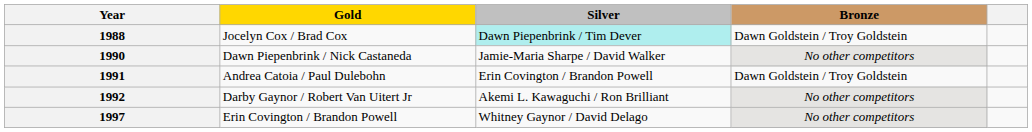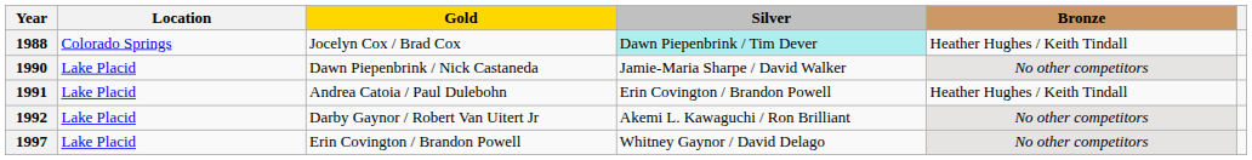 <table class="wikitable unsortable" style="text-align:left; width:100%;">
 <tr>
 <th scope="col" style="text-align:center;">Year</th>
+<th scope="col" style="text-align:center; width:20%">Location</th>
 <td scope="col" style="text-align:center; width:25%; background:gold"><strong>Gold</strong></td>
 <td scope="col" style="text-align:center; width:25%; background:silver"><strong>Silver</strong></td>
 <td scope="col" style="text-align:center; width:25%; background:#c96"><strong>Bronze</strong></td>
 <th scope="col" style="text-align:center"></th>
 </tr>
 <tr>
 <th scope="row">1988</th>
+<td><a href='#'>Colorado Springs</a></td>
 <td>Jocelyn Cox / Brad Cox</td>
 <td style="background: paleturquoise;">Dawn Piepenbrink / Tim Dever</td>
-<td>Dawn Goldstein / Troy Goldstein</td>
+<td>Heather Hughes / Keith Tindall</td>
 <td></td>
 </tr>
 <tr>
 <th scope="row">1990</th>
+<td><a href='#'>Lake Placid</a></td>
 <td>Dawn Piepenbrink / Nick Castaneda</td>
 <td>Jamie-Maria Sharpe / David Walker</td>
 <td align="center" bgcolor="e5e4e2"><em>No other competitors</em></td>
 <td></td>
 </tr>
 <tr>
 <th scope="row">1991</th>
+<td><a href='#'>Lake Placid</a></td>
 <td>Andrea Catoia / Paul Dulebohn</td>
 <td>Erin Covington / Brandon Powell</td>
-<td>Dawn Goldstein / Troy Goldstein</td>
+<td>Heather Hughes / Keith Tindall</td>
 <td></td>
 </tr>
 <tr>
 <th scope="row">1992</th>
+<td><a href='#'>Lake Placid</a></td>
 <td>Darby Gaynor / Robert Van Uitert Jr</td>
 <td>Akemi L. Kawaguchi / Ron Brilliant</td>
 <td align="center" bgcolor="e5e4e2"><em>No other competitors</em></td>
 <td></td>
 </tr>
 <tr>
 <th scope="row">1997</th>
+<td><a href='#'>Lake Placid</a></td>
 <td>Erin Covington / Brandon Powell</td>
 <td>Whitney Gaynor / David Delago</td>
 <td align="center" bgcolor="e5e4e2"><em>No other competitors</em></td>
 <td></td>
 </tr>
 </table>
